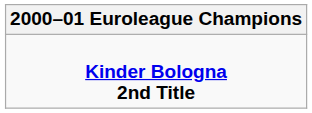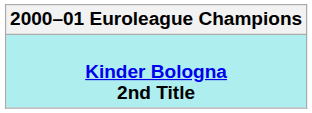 <table class=wikitable style="text-align:center; margin:auto">
 <tr>
 <th>2000–01 Euroleague Champions</th>
 </tr>
 <tr>
-<td><br> <strong><a href='#'>Kinder Bologna</a></strong> <br> <strong>2nd Title</strong></td>
+<td style="background: paleturquoise;"><br> <strong><a href='#'>Kinder Bologna</a></strong> <br> <strong>2nd Title</strong></td>
 </tr>
 </table>
